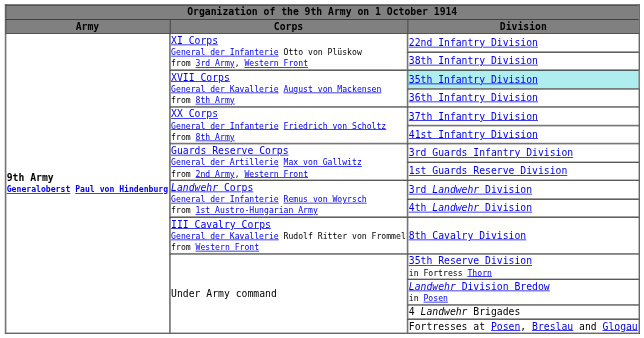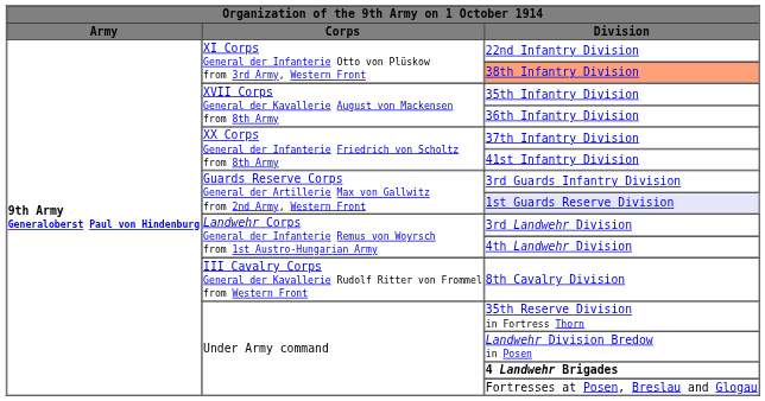 <table style="float: right;" border="1" cellpadding="1" cellspacing="0" style="font-size: 100%; border: gray solid 1px; border-collapse: collapse; text-align: center;">
 <tr style="background-color:grey; color:black;">
 <th colspan="3">Organization of the 9th Army on 1 October 1914</th>
 </tr>
 <tr>
 </tr>
 <tr style="background-color:grey; color:black;">
 <th>Army</th>
 <th>Corps</th>
 <th>Division</th>
 </tr>
 <tr>
 <td ROWSPAN=15><strong>9th Army<br><small><a href='#'>Generaloberst</a> <a href='#'>Paul von Hindenburg</a></small></strong></td>
 <td ROWSPAN=2><a href='#'>XI Corps</a><br><small><a href='#'>General der Infanterie</a> Otto von Plüskow<br>from <a href='#'>3rd Army</a>, <a href='#'>Western Front</a></small></td>
 <td><a href='#'>22nd Infantry Division</a></td>
 </tr>
 <tr>
-<td><a href='#'>38th Infantry Division</a></td>
+<td style="background: lightsalmon;"><a href='#'>38th Infantry Division</a></td>
 </tr>
 <tr>
 <td ROWSPAN=2><a href='#'>XVII Corps</a><br><small><a href='#'>General der Kavallerie</a> <a href='#'>August von Mackensen</a><br>from <a href='#'>8th Army</a></small></td>
-<td style="background: paleturquoise;"><a href='#'>35th Infantry Division</a></td>
+<td><a href='#'>35th Infantry Division</a></td>
 </tr>
 <tr>
 <td><a href='#'>36th Infantry Division</a></td>
 </tr>
 <tr>
 <td ROWSPAN=2><a href='#'>XX Corps</a><br><small><a href='#'>General der Infanterie</a> <a href='#'>Friedrich von Scholtz</a><br>from <a href='#'>8th Army</a></small></td>
 <td><a href='#'>37th Infantry Division</a></td>
 </tr>
 <tr>
 <td><a href='#'>41st Infantry Division</a></td>
 </tr>
 <tr>
 <td ROWSPAN=2><a href='#'>Guards Reserve Corps</a><br><small><a href='#'>General der Artillerie</a> <a href='#'>Max von Gallwitz</a><br>from <a href='#'>2nd Army</a>, <a href='#'>Western Front</a></small></td>
 <td><a href='#'>3rd Guards Infantry Division</a></td>
 </tr>
 <tr>
-<td><a href='#'>1st Guards Reserve Division</a></td>
+<td style="background: lavender;"><a href='#'>1st Guards Reserve Division</a></td>
 </tr>
 <tr>
 <td ROWSPAN=2><a href='#'><em>Landwehr</em> Corps</a><br><small><a href='#'>General der Infanterie</a> <a href='#'>Remus von Woyrsch</a><br>from <a href='#'>1st Austro-Hungarian Army</a></small></td>
 <td><a href='#'>3rd <em>Landwehr</em> Division</a></td>
 </tr>
 <tr>
 <td><a href='#'>4th <em>Landwehr</em> Division</a></td>
 </tr>
 <tr>
 <td ROWSPAN=1><a href='#'>III Cavalry Corps</a><br><small><a href='#'>General der Kavallerie</a> Rudolf Ritter von Frommel<br>from <a href='#'>Western Front</a></small></td>
 <td><a href='#'>8th Cavalry Division</a></td>
 </tr>
 <tr>
 <td ROWSPAN=4>Under Army command</td>
 <td><a href='#'>35th Reserve Division</a><br><small>in Fortress <a href='#'>Thorn</a></small></td>
 </tr>
 <tr>
 <td><a href='#'><em>Landwehr</em> Division Bredow</a><br><small>in <a href='#'>Posen</a></small></td>
 </tr>
 <tr>
-<td>4 <em>Landwehr</em> Brigades</td>
+<td><strong>4 <em>Landwehr</em> Brigades</strong></td>
 </tr>
 <tr>
 <td>Fortresses at <a href='#'>Posen</a>, <a href='#'>Breslau</a> and <a href='#'>Glogau</a></td>
 </tr>
 <tr>
 </tr>
 </table>
